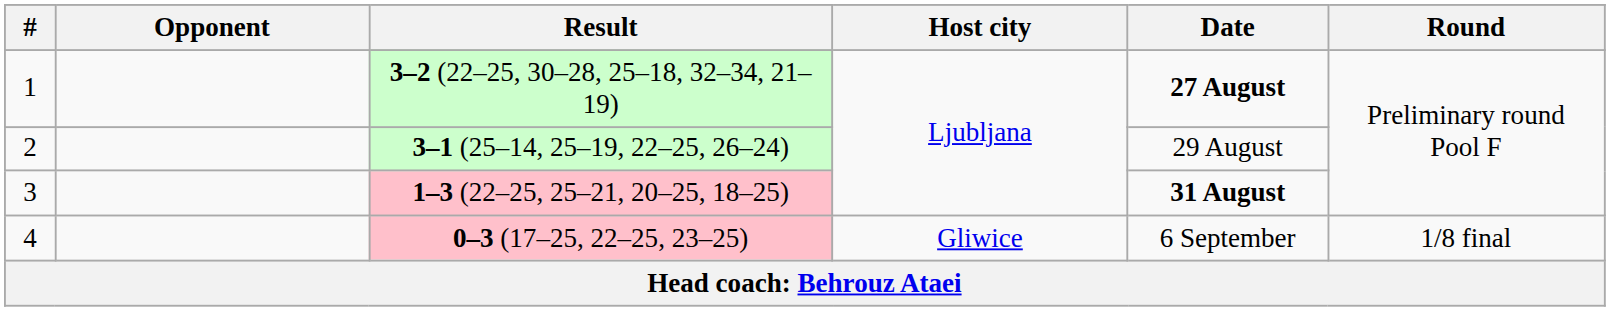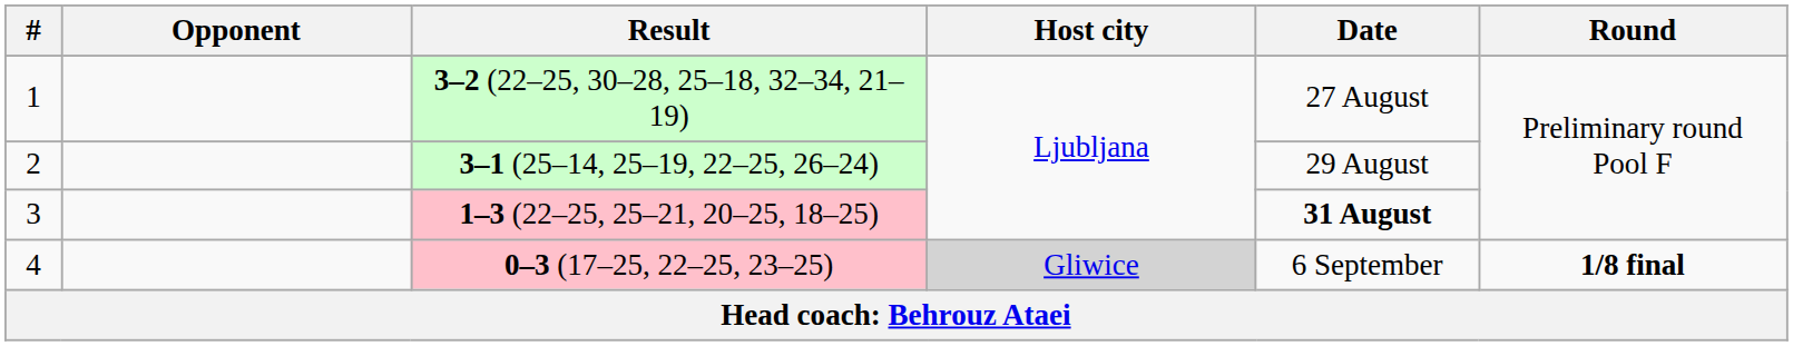 <table class="wikitable" style="text-align: center;font-size:90%;">
 <tr>
 <th width=20>#</th>
 <th width=160>Opponent</th>
 <th width=240>Result</th>
 <th width=150>Host city</th>
 <th width=100>Date</th>
 <th width=140>Round</th>
 </tr>
 <tr>
 <td>1</td>
 <td align=left></td>
 <td bgcolor=ccffcc><strong>3–2</strong> (22–25, 30–28, 25–18, 32–34, 21–19)</td>
 <td rowspan=3> <a href='#'>Ljubljana</a></td>
-<td><strong>27 August</strong></td>
+<td>27 August</td>
 <td rowspan=3>Preliminary round<br>Pool F</td>
 </tr>
 <tr>
 <td>2</td>
 <td align=left></td>
 <td bgcolor=ccffcc><strong>3–1</strong> (25–14, 25–19, 22–25, 26–24)</td>
 <td>29 August</td>
 </tr>
 <tr>
 <td>3</td>
 <td align=left></td>
 <td bgcolor=pink><strong>1–3</strong> (22–25, 25–21, 20–25, 18–25)</td>
 <td><strong>31 August</strong></td>
 </tr>
 <tr>
 <td>4</td>
 <td align=left></td>
 <td bgcolor=pink><strong>0–3</strong> (17–25, 22–25, 23–25)</td>
-<td> <a href='#'>Gliwice</a></td>
+<td style="background: lightgrey;"> <a href='#'>Gliwice</a></td>
 <td>6 September</td>
-<td>1/8 final</td>
+<td><strong>1/8 final</strong></td>
 </tr>
 <tr>
 <th colspan=6>Head coach:  <a href='#'>Behrouz Ataei</a></th>
 </tr>
 </table>
